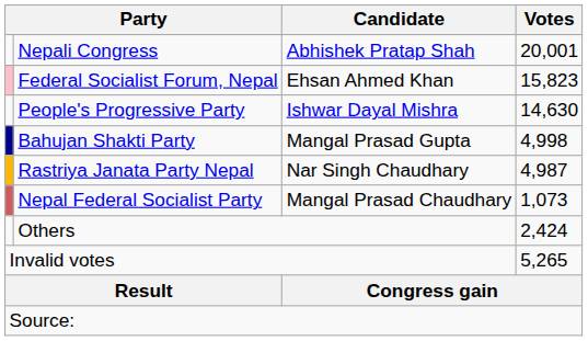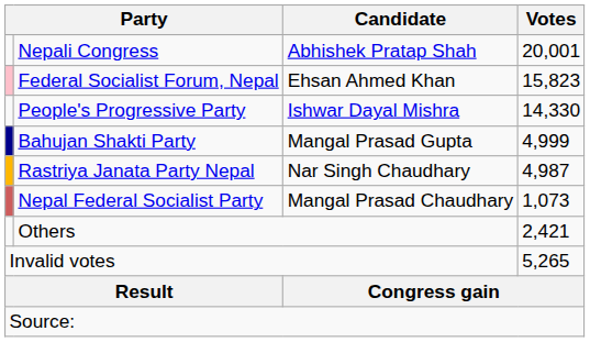 <table class="wikitable">
 <tr>
 <th colspan="2">Party</th>
 <th>Candidate</th>
 <th>Votes</th>
 </tr>
 <tr>
 <td style="background-color:"></td>
 <td><a href='#'>Nepali Congress</a></td>
 <td><a href='#'>Abhishek Pratap Shah</a></td>
 <td>20,001</td>
 </tr>
 <tr>
 <td style="background-color:pink"></td>
 <td><a href='#'>Federal Socialist Forum, Nepal</a></td>
 <td>Ehsan Ahmed Khan</td>
 <td>15,823</td>
 </tr>
 <tr>
 <td style="background-color:"></td>
 <td><a href='#'>People's Progressive Party</a></td>
 <td><a href='#'>Ishwar Dayal Mishra</a></td>
-<td>14,630</td>
+<td>14,330</td>
 </tr>
 <tr>
 <td style="background-color:darkblue"></td>
 <td><a href='#'>Bahujan Shakti Party</a></td>
 <td>Mangal Prasad Gupta</td>
-<td>4,998</td>
+<td>4,999</td>
 </tr>
 <tr>
 <td style="background-color:#ffb700"></td>
 <td><a href='#'>Rastriya Janata Party Nepal</a></td>
 <td>Nar Singh Chaudhary</td>
 <td>4,987</td>
 </tr>
 <tr>
 <td style="background-color:#CD5C5C"></td>
 <td><a href='#'>Nepal Federal Socialist Party</a></td>
 <td>Mangal Prasad Chaudhary</td>
 <td>1,073</td>
 </tr>
 <tr>
 <td></td>
 <td colspan="2">Others</td>
-<td>2,424</td>
+<td>2,421</td>
 </tr>
 <tr>
 <td colspan="3">Invalid votes</td>
 <td>5,265</td>
 </tr>
 <tr>
 <th colspan="2">Result</th>
 <th colspan="2">Congress gain</th>
 </tr>
 <tr>
 <td colspan="4">Source: </td>
 </tr>
 </table>
